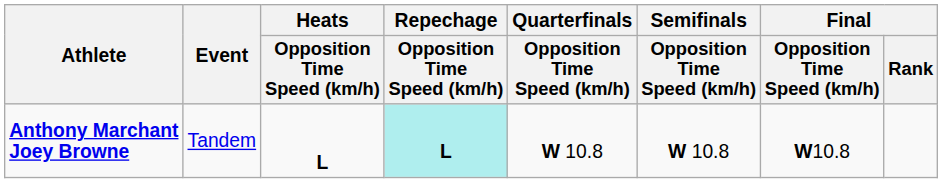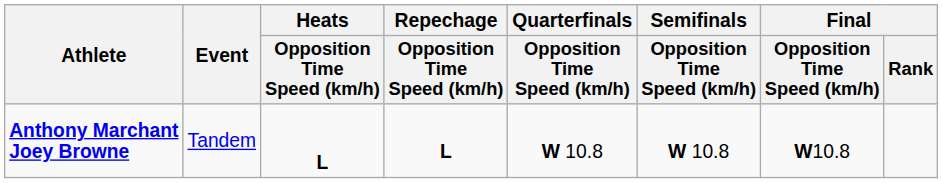 <table class="wikitable" style="font-size:90%">
 <tr>
 <th rowspan="2">Athlete</th>
 <th rowspan="2">Event</th>
 <th>Heats</th>
 <th>Repechage</th>
 <th>Quarterfinals</th>
 <th>Semifinals</th>
 <th colspan=2>Final</th>
 </tr>
 <tr style="font-size:95%">
 <th>Opposition<br>Time<br>Speed (km/h)</th>
 <th>Opposition<br>Time<br>Speed (km/h)</th>
 <th>Opposition<br>Time<br>Speed (km/h)</th>
 <th>Opposition<br>Time<br>Speed (km/h)</th>
 <th>Opposition<br>Time<br>Speed (km/h)</th>
 <th>Rank</th>
 </tr>
 <tr align=center>
 <td align=left><strong><a href='#'>Anthony Marchant</a><br><a href='#'>Joey Browne</a></strong></td>
 <td align=left><a href='#'>Tandem</a></td>
 <td> <br> <br><strong>L</strong></td>
-<td style="background: paleturquoise;"><br><strong>L</strong></td>
+<td><br><strong>L</strong></td>
 <td><br><strong>W</strong> 10.8</td>
 <td><br><strong>W</strong> 10.8</td>
 <td><br><strong>W</strong>10.8</td>
 <td></td>
 </tr>
 </table>
